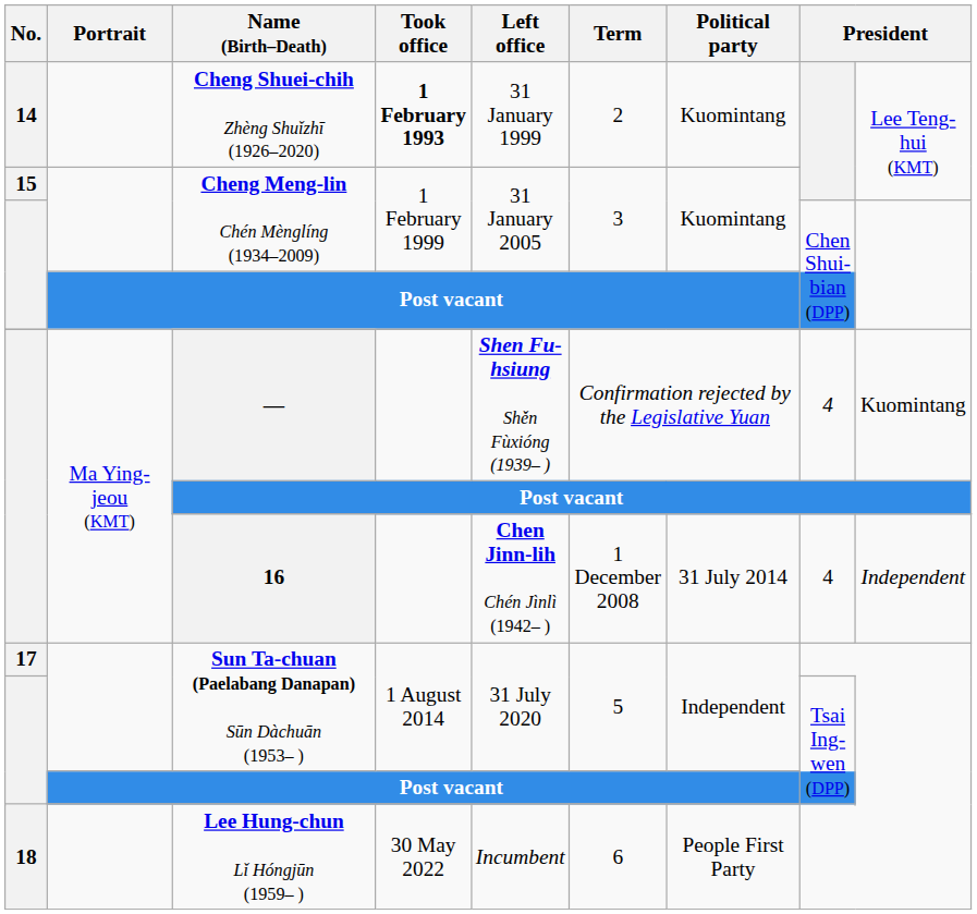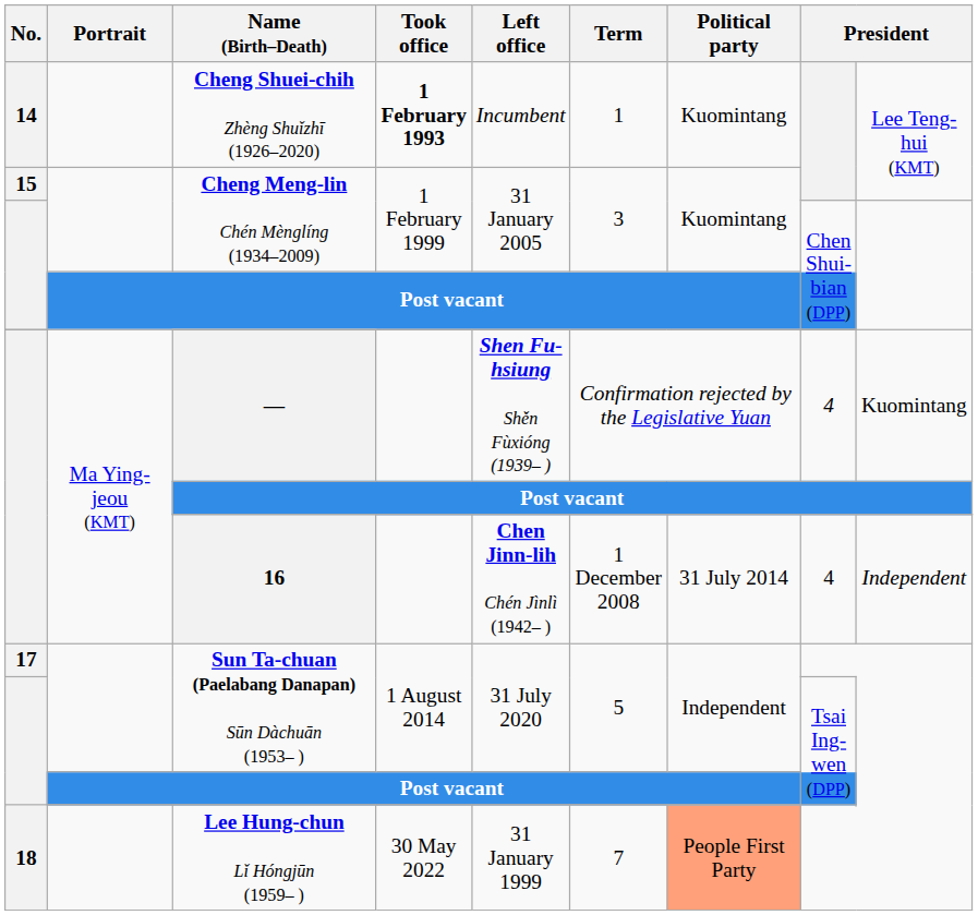 <table class="wikitable"  style="text-align:center"  width="83%">
 <tr>
 <th style="width:25px;">No.</th>
 <th style="width:100px;">Portrait</th>
 <th width=180px>Name<br><small>(Birth–Death)</small></th>
 <th>Took office</th>
 <th>Left office</th>
 <th style="width:25px;">Term</th>
 <th style="width:100px;">Political party</th>
 <th colspan=2 width="width:200px">President</th>
 </tr>
 <tr ->
 <th style="background:">14</th>
 <td align=center></td>
 <td align=center><strong><a href='#'>Cheng Shuei-chih</a></strong><br><br><small><em>Zhèng Shuǐzhī</em><br>(1926–2020)</small></td>
 <td><strong>1 February 1993</strong></td>
-<td>31 January 1999</td>
-<td>2</td>
+<td><em>Incumbent</em></td>
+<td>1</td>
 <td>Kuomintang</td>
 <th rowspan=2 style="background:"></th>
 <td rowspan=2><br><a href='#'>Lee Teng-hui</a><br><small>(<a href='#'>KMT</a>)</small></td>
 </tr>
 <tr ->
 <th style="background:">15</th>
 <td rowspan=2 align=center></td>
 <td rowspan=2 align=center><strong><a href='#'>Cheng Meng-lin</a></strong><br><br><small><em>Chén Mènglíng</em><br>(1934–2009)</small></td>
 <td rowspan=2>1 February 1999</td>
 <td rowspan=2>31 January 2005</td>
 <td rowspan=2>3</td>
 <td rowspan=2>Kuomintang</td>
 </tr>
 <tr>
 <th rowspan=2 style="background:"></th>
 <td rowspan=2><br><a href='#'>Chen Shui-bian</a><br><small>(<a href='#'>DPP</a>)</small><br></td>
 </tr>
 <tr ->
 <th rowspan=2 colspan=7 style="background:#318CE7; color:white;">Post vacant</th>
 </tr>
 <tr ->
 </tr>
 <tr>
 <th rowspan=5 style="background:"></th>
 <td rowspan=5><br><a href='#'>Ma Ying-jeou</a><br><small>(<a href='#'>KMT</a>)</small></td>
 </tr>
 <tr ->
 <th style="background:">—</th>
 <td align=center></td>
 <td align=center><strong><em><a href='#'>Shen Fu-hsiung</a></em></strong><br><em></em><br><small><em>Shěn Fùxióng</em><br><em>(1939– )</em></small></td>
 <td colspan=2><em>Confirmation rejected by the <a href='#'>Legislative Yuan</a></em></td>
 <td><em>4</em></td>
 <td>Kuomintang</td>
 </tr>
 <tr>
 <th colspan=7 style="background:#318CE7; color:white;">Post vacant</th>
 </tr>
 <tr ->
 </tr>
 <tr ->
 <th style="background:">16</th>
 <td align=center></td>
 <td align=center><strong><a href='#'>Chen Jinn-lih</a></strong><br><br><small><em>Chén Jìnlì</em><br>(1942– )</small></td>
 <td>1 December 2008</td>
 <td>31 July 2014</td>
 <td>4</td>
 <td><em>Independent</em></td>
 </tr>
 <tr ->
 <th style="background:">17</th>
 <td rowspan=2 align=center></td>
 <td rowspan=2 align=center><strong><a href='#'>Sun Ta-chuan</a><br><small>(Paelabang Danapan)</small></strong><br><br><small><em>Sūn Dàchuān</em><br>(1953– )</small></td>
 <td rowspan=2>1 August 2014</td>
 <td rowspan=2>31 July 2020</td>
 <td rowspan=2>5</td>
 <td rowspan=2>Independent</td>
 </tr>
 <tr>
 <th rowspan=3 style="background:"></th>
 <td rowspan=3><br><a href='#'>Tsai Ing-wen</a><br><small>(<a href='#'>DPP</a>)</small></td>
 </tr>
 <tr ->
 <th colspan=7 style="background:#318CE7; color:white;">Post vacant</th>
 </tr>
 <tr ->
 </tr>
 <tr ->
 <th style="background:">18</th>
 <td align=center></td>
 <td align=center><strong><a href='#'>Lee Hung-chun</a></strong><br><br><small><em>Lǐ Hóngjūn</em><br>(1959– )</small></td>
 <td>30 May 2022</td>
-<td><em>Incumbent</em></td>
-<td>6</td>
-<td>People First Party</td>
+<td>31 January 1999</td>
+<td>7</td>
+<td style="background: lightsalmon;">People First Party</td>
 </tr>
 </table>
